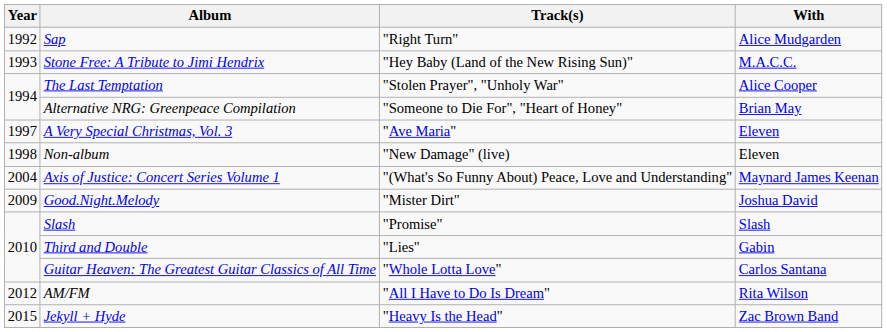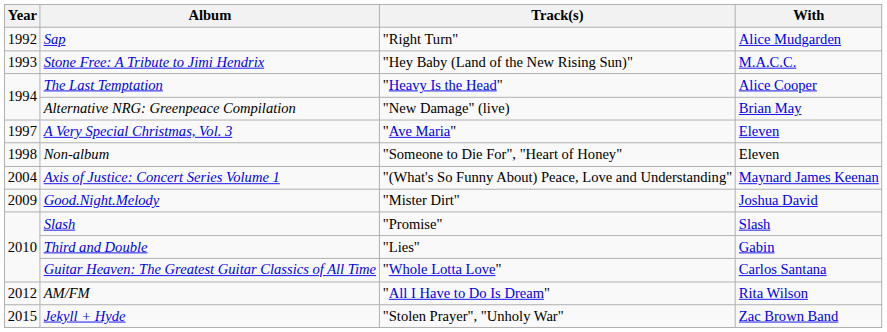 <table class="wikitable">
 <tr>
 <th align="center" valign="top">Year</th>
 <th align="center" valign="top">Album</th>
 <th align="center" valign="top">Track(s)</th>
 <th align="center" valign="top">With</th>
 </tr>
 <tr>
 <td align="left" valign="top">1992</td>
 <td align="left" valign="top"><em><a href='#'>Sap</a></em></td>
 <td align="left" valign="top">"Right Turn"</td>
 <td align="left" valign="top"><a href='#'>Alice Mudgarden</a></td>
 </tr>
 <tr>
 <td align="left" valign="top">1993</td>
 <td align="left" valign="top"><em><a href='#'>Stone Free: A Tribute to Jimi Hendrix</a></em></td>
 <td align="left" valign="top">"Hey Baby (Land of the New Rising Sun)"</td>
 <td align="left" valign="top"><a href='#'>M.A.C.C.</a></td>
 </tr>
 <tr>
 <td rowspan="2">1994</td>
 <td align="left" valign="top"><em><a href='#'>The Last Temptation</a></em></td>
-<td align="left" valign="top">"Stolen Prayer", "Unholy War"</td>
+<td align="left" valign="top">"<a href='#'>Heavy Is the Head</a>"</td>
 <td align="left" valign="top"><a href='#'>Alice Cooper</a></td>
 </tr>
 <tr>
 <td align="left" valign="top"><em>Alternative NRG: Greenpeace Compilation</em></td>
-<td align="left" valign="top">"Someone to Die For", "Heart of Honey"</td>
+<td align="left" valign="top">"New Damage" (live)</td>
 <td align="left" valign="top"><a href='#'>Brian May</a></td>
 </tr>
 <tr>
 <td align="left" valign="top">1997</td>
 <td align="left" valign="top"><em><a href='#'>A Very Special Christmas, Vol. 3</a></em></td>
 <td align="left" valign="top">"<a href='#'>Ave Maria</a>"</td>
 <td align="left" valign="top"><a href='#'>Eleven</a></td>
 </tr>
 <tr>
 <td align="left" valign="top">1998</td>
 <td align="left" valign="top"><em>Non-album</em></td>
-<td align="left" valign="top">"New Damage" (live)</td>
+<td align="left" valign="top">"Someone to Die For", "Heart of Honey"</td>
 <td align="left" valign="top">Eleven</td>
 </tr>
 <tr>
 <td align="left" valign="top">2004</td>
 <td align="left" valign="top"><em><a href='#'>Axis of Justice: Concert Series Volume 1</a></em></td>
 <td align="left" valign="top">"(What's So Funny About) Peace, Love and Understanding"</td>
 <td align="left" valign="top"><a href='#'>Maynard James Keenan</a></td>
 </tr>
 <tr>
 <td align="left" valign="top">2009</td>
 <td align="left" valign="top"><em><a href='#'>Good.Night.Melody</a></em></td>
 <td align="left" valign="top">"Mister Dirt"</td>
 <td align="left" valign="top"><a href='#'>Joshua David</a></td>
 </tr>
 <tr>
 <td rowspan="3">2010</td>
 <td align="left" valign="top"><em><a href='#'>Slash</a></em></td>
 <td align="left" valign="top">"Promise"</td>
 <td align="left" valign="top"><a href='#'>Slash</a></td>
 </tr>
 <tr>
 <td align="left" valign="top"><em><a href='#'>Third and Double</a></em></td>
 <td align="left" valign="top">"Lies"</td>
 <td align="left" valign="top"><a href='#'>Gabin</a></td>
 </tr>
 <tr>
 <td align="left" valign="top"><em><a href='#'>Guitar Heaven: The Greatest Guitar Classics of All Time</a></em></td>
 <td align="left" valign="top">"<a href='#'>Whole Lotta Love</a>"</td>
 <td align="left" valign="top"><a href='#'>Carlos Santana</a></td>
 </tr>
 <tr>
 <td align="left" valign="top">2012</td>
 <td align="left" valign="top"><em>AM/FM</em></td>
 <td align="left" valign="top">"<a href='#'>All I Have to Do Is Dream</a>"</td>
 <td align="left" valign="top"><a href='#'>Rita Wilson</a></td>
 </tr>
 <tr>
 <td align="left" valign="top">2015</td>
 <td align="left" valign="top"><em><a href='#'>Jekyll + Hyde</a></em></td>
-<td align="left" valign="top">"<a href='#'>Heavy Is the Head</a>"</td>
+<td align="left" valign="top">"Stolen Prayer", "Unholy War"</td>
 <td align="left" valign="top"><a href='#'>Zac Brown Band</a></td>
 </tr>
 </table>
